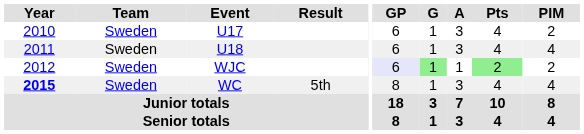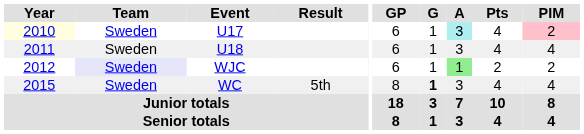 <table border="0" cellpadding="1" cellspacing="0" ID="Table3" style="text-align:center; width:40em">
 <tr ALIGN="center" bgcolor="#e0e0e0">
 <th>Year</th>
 <th>Team</th>
 <th>Event</th>
 <th>Result</th>
 <th rowspan="99" bgcolor="#ffffff"></th>
 <th>GP</th>
 <th>G</th>
 <th>A</th>
 <th>Pts</th>
 <th>PIM</th>
 </tr>
 <tr>
-<td><a href='#'>2010</a></td>
+<td style="background: lightyellow;"><a href='#'>2010</a></td>
 <td><a href='#'>Sweden</a></td>
 <td><a href='#'>U17</a></td>
 <td></td>
 <td>6</td>
 <td>1</td>
-<td>3</td>
+<td style="background: paleturquoise;">3</td>
 <td>4</td>
-<td>2</td>
+<td style="background: pink;">2</td>
 </tr>
 <tr bgcolor="#f0f0f0">
 <td><a href='#'>2011</a></td>
 <td>Sweden</td>
 <td><a href='#'>U18</a></td>
 <td></td>
 <td>6</td>
 <td>1</td>
 <td>3</td>
 <td>4</td>
 <td>4</td>
 </tr>
 <tr>
 <td><a href='#'>2012</a></td>
-<td><a href='#'>Sweden</a></td>
+<td style="background: lavender;"><a href='#'>Sweden</a></td>
 <td><a href='#'>WJC</a></td>
 <td></td>
-<td style="background: lavender;">6</td>
+<td>6</td>
+<td>1</td>
 <td style="background: lightgreen;">1</td>
-<td>1</td>
-<td style="background: lightgreen;">2</td>
+<td>2</td>
 <td>2</td>
 </tr>
 <tr bgcolor="#f0f0f0">
-<td><strong><a href='#'>2015</a></strong></td>
+<td><a href='#'>2015</a></td>
 <td><a href='#'>Sweden</a></td>
 <td><a href='#'>WC</a></td>
 <td>5th</td>
 <td>8</td>
-<td>1</td>
+<td><strong>1</strong></td>
 <td>3</td>
 <td>4</td>
 <td>4</td>
 </tr>
 <tr bgcolor="#e0e0e0">
 <th colspan=4>Junior totals</th>
 <th>18</th>
 <th>3</th>
 <th>7</th>
 <th>10</th>
 <th>8</th>
 </tr>
 <tr bgcolor="#e0e0e0">
 <th colspan=4>Senior totals</th>
 <th>8</th>
 <th>1</th>
 <th>3</th>
 <th>4</th>
 <th>4</th>
 </tr>
 </table>
